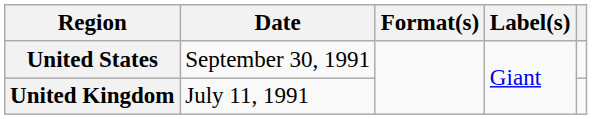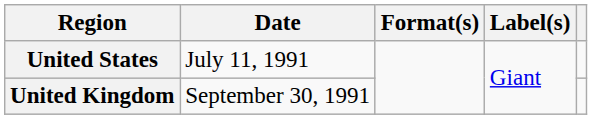 <table class="wikitable plainrowheaders">
 <tr>
 <th scope="col">Region</th>
 <th scope="col">Date</th>
 <th scope="col">Format(s)</th>
 <th scope="col">Label(s)</th>
 <th scope="col"></th>
 </tr>
 <tr>
 <th scope="row">United States</th>
-<td>September 30, 1991</td>
+<td>July 11, 1991</td>
 <td rowspan="2"></td>
 <td rowspan="2"><a href='#'>Giant</a></td>
 <td></td>
 </tr>
 <tr>
 <th scope="row">United Kingdom</th>
-<td>July 11, 1991</td>
+<td>September 30, 1991</td>
 <td></td>
 </tr>
 </table>
